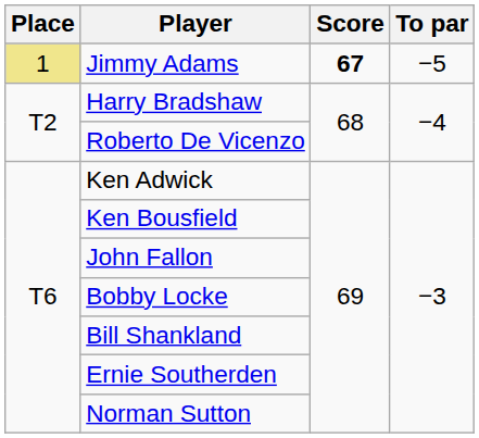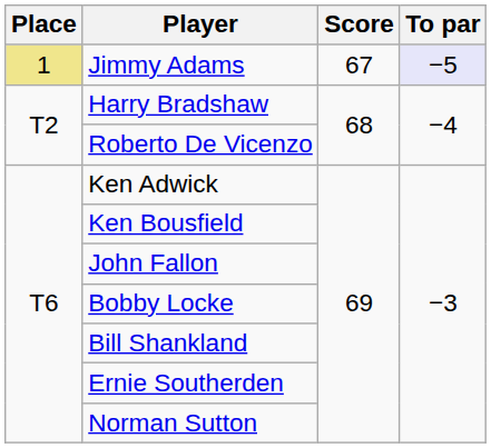 <table class="wikitable">
 <tr>
 <th>Place</th>
 <th>Player</th>
 <th>Score</th>
 <th>To par</th>
 </tr>
 <tr>
 <td align="center" style="background: khaki;">1</td>
 <td> <a href='#'>Jimmy Adams</a></td>
-<td align="center"><strong>67</strong></td>
-<td align="center">−5</td>
+<td align="center">67</td>
+<td align="center" style="background: lavender;">−5</td>
 </tr>
 <tr>
 <td rowspan=2 align="center">T2</td>
 <td> <a href='#'>Harry Bradshaw</a></td>
 <td rowspan=2 align="center">68</td>
 <td rowspan=2 align="center">−4</td>
 </tr>
 <tr>
 <td> <a href='#'>Roberto De Vicenzo</a></td>
 </tr>
 <tr>
 <td rowspan=7 align="center">T6</td>
 <td> Ken Adwick</td>
 <td rowspan=7 align="center">69</td>
 <td rowspan=7 align="center">−3</td>
 </tr>
 <tr>
 <td> <a href='#'>Ken Bousfield</a></td>
 </tr>
 <tr>
 <td> <a href='#'>John Fallon</a></td>
 </tr>
 <tr>
 <td> <a href='#'>Bobby Locke</a></td>
 </tr>
 <tr>
 <td> <a href='#'>Bill Shankland</a></td>
 </tr>
 <tr>
 <td> <a href='#'>Ernie Southerden</a></td>
 </tr>
 <tr>
 <td> <a href='#'>Norman Sutton</a></td>
 </tr>
 </table>
